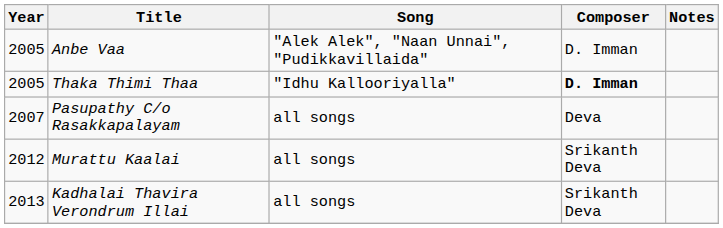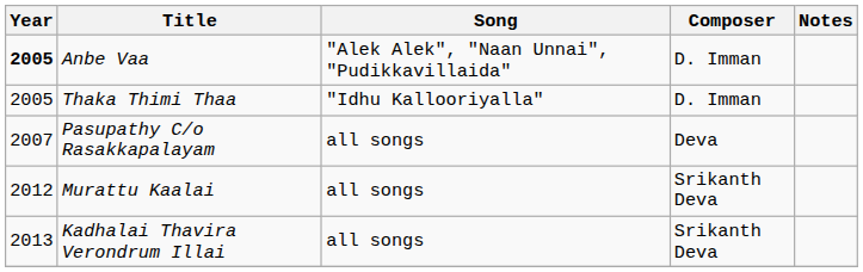 <table class="wikitable sortable plainrowheaders">
 <tr>
 <th scope="col">Year</th>
 <th scope="col">Title</th>
 <th scope="col">Song</th>
 <th scope="col">Composer</th>
 <th scope="col" class="unsortable">Notes</th>
 </tr>
 <tr>
-<td>2005</td>
+<td><strong>2005</strong></td>
 <td><em>Anbe Vaa</em></td>
 <td>"Alek Alek", "Naan Unnai", "Pudikkavillaida"</td>
 <td>D. Imman</td>
 <td></td>
 </tr>
 <tr>
 <td>2005</td>
 <td><em>Thaka Thimi Thaa</em></td>
 <td>"Idhu Kallooriyalla"</td>
-<td><strong>D. Imman</strong></td>
+<td>D. Imman</td>
 <td></td>
 </tr>
 <tr>
 <td>2007</td>
 <td><em>Pasupathy C/o Rasakkapalayam</em></td>
 <td>all songs</td>
 <td>Deva</td>
 <td></td>
 </tr>
 <tr>
 <td>2012</td>
 <td><em>Murattu Kaalai</em></td>
 <td>all songs</td>
 <td>Srikanth Deva</td>
 <td></td>
 </tr>
 <tr>
 <td>2013</td>
 <td><em>Kadhalai Thavira Verondrum Illai</em></td>
 <td>all songs</td>
 <td>Srikanth Deva</td>
 <td></td>
 </tr>
 <tr>
 </tr>
 </table>
